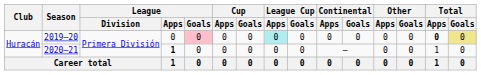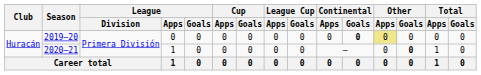 <table class="wikitable" style="text-align:center">
 <tr>
 <th rowspan="2">Club</th>
 <th rowspan="2">Season</th>
 <th colspan="3">League</th>
 <th colspan="2">Cup</th>
 <th colspan="2">League Cup</th>
 <th colspan="2">Continental</th>
 <th colspan="2">Other</th>
 <th colspan="2">Total</th>
 </tr>
 <tr>
 <th>Division</th>
 <th>Apps</th>
 <th>Goals</th>
 <th>Apps</th>
 <th>Goals</th>
 <th>Apps</th>
 <th>Goals</th>
 <th>Apps</th>
 <th>Goals</th>
 <th>Apps</th>
 <th>Goals</th>
 <th>Apps</th>
 <th>Goals</th>
 </tr>
 <tr>
 <td rowspan="2"><a href='#'>Huracán</a></td>
 <td><a href='#'>2019–20</a></td>
 <td rowspan="2"><a href='#'>Primera División</a></td>
 <td>0</td>
-<td style="background: pink;">0</td>
 <td>0</td>
-<td>0</td>
-<td style="background: paleturquoise;">0</td>
 <td>0</td>
 <td>0</td>
 <td>0</td>
 <td>0</td>
 <td>0</td>
 <td><strong>0</strong></td>
 <td style="background: khaki;">0</td>
+<td>0</td>
+<td>0</td>
+<td>0</td>
 </tr>
 <tr>
 <td><a href='#'>2020–21</a></td>
-<td><strong>1</strong></td>
+<td>1</td>
 <td>0</td>
 <td>0</td>
 <td>0</td>
 <td>0</td>
 <td>0</td>
 <td colspan="2">—</td>
 <td>0</td>
-<td>0</td>
+<td><strong>0</strong></td>
 <td>1</td>
 <td>0</td>
 </tr>
 <tr>
 <th colspan="3">Career total</th>
 <th>1</th>
 <th>0</th>
 <th>0</th>
 <th>0</th>
 <th>0</th>
 <th>0</th>
 <th>0</th>
 <th>0</th>
 <th>0</th>
 <th>0</th>
 <th>1</th>
 <th>0</th>
 </tr>
 </table>
